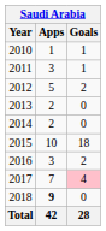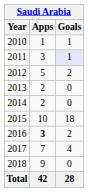 <table class="wikitable" style="text-align:center">
 <tr>
 <th colspan=3><a href='#'>Saudi Arabia</a></th>
 </tr>
 <tr>
 <th>Year</th>
 <th>Apps</th>
 <th>Goals</th>
 </tr>
 <tr>
 <td>2010</td>
 <td>1</td>
 <td>1</td>
 </tr>
 <tr>
 <td>2011</td>
 <td>3</td>
-<td>1</td>
+<td style="background: lavender;">1</td>
 </tr>
 <tr>
 <td>2012</td>
 <td>5</td>
 <td>2</td>
 </tr>
 <tr>
 <td>2013</td>
 <td>2</td>
 <td>0</td>
 </tr>
 <tr>
 <td>2014</td>
 <td>2</td>
 <td>0</td>
 </tr>
 <tr>
 <td>2015</td>
 <td>10</td>
 <td>18</td>
 </tr>
 <tr>
 <td>2016</td>
-<td>3</td>
+<td><strong>3</strong></td>
 <td>2</td>
 </tr>
 <tr>
 <td>2017</td>
 <td>7</td>
-<td style="background: pink;">4</td>
+<td>4</td>
 </tr>
 <tr>
 <td>2018</td>
-<td><strong>9</strong></td>
+<td>9</td>
 <td>0</td>
 </tr>
 <tr>
 <th>Total</th>
 <th>42</th>
 <th>28</th>
 </tr>
 </table>
